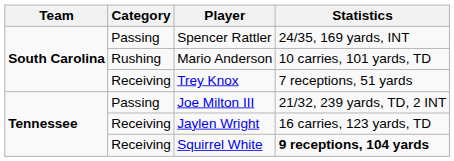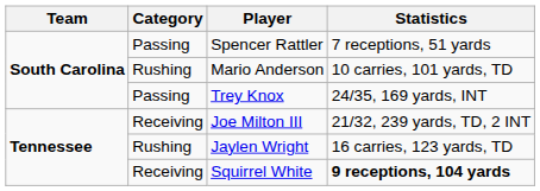 <table class="wikitable" style="float: right;">
 <tr>
 <th>Team</th>
 <th>Category</th>
 <th>Player</th>
 <th>Statistics</th>
 </tr>
 <tr>
 <td rowspan=3><strong>South Carolina</strong></td>
 <td>Passing</td>
 <td>Spencer Rattler</td>
-<td>24/35, 169 yards, INT</td>
+<td>7 receptions, 51 yards</td>
 </tr>
 <tr>
 <td>Rushing</td>
 <td>Mario Anderson</td>
 <td>10 carries, 101 yards, TD</td>
 </tr>
 <tr>
-<td>Receiving</td>
+<td>Passing</td>
 <td><a href='#'>Trey Knox</a></td>
-<td>7 receptions, 51 yards</td>
+<td>24/35, 169 yards, INT</td>
 </tr>
 <tr>
 <td rowspan=3><strong>Tennessee</strong></td>
-<td>Passing</td>
+<td>Receiving</td>
 <td><a href='#'>Joe Milton III</a></td>
 <td>21/32, 239 yards, TD, 2 INT</td>
 </tr>
 <tr>
-<td>Receiving</td>
+<td>Rushing</td>
 <td><a href='#'>Jaylen Wright</a></td>
 <td>16 carries, 123 yards, TD</td>
 </tr>
 <tr>
 <td>Receiving</td>
 <td><a href='#'>Squirrel White</a></td>
 <td><strong>9 receptions, 104 yards</strong></td>
 </tr>
 </table>
